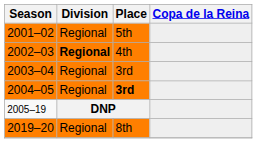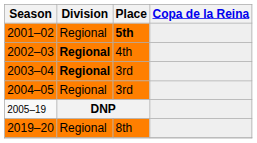 <table class="wikitable">
 <tr style="background:#f0f6fa;">
 <th>Season</th>
 <th>Division</th>
 <th>Place</th>
 <th><a href='#'>Copa de la Reina</a></th>
 </tr>
 <tr>
 <td style="background:#FF7F00;">2001–02</td>
 <td style="background:#FF7F00;">Regional</td>
-<td style="background:#FF7F00;">5th</td>
+<td style="background:#FF7F00;"><strong>5th</strong></td>
 <th style="background:#efefef;"></th>
 </tr>
 <tr>
 <td style="background:#FF7F00;">2002–03</td>
 <td style="background:#FF7F00;"><strong>Regional</strong></td>
 <td style="background:#FF7F00;">4th</td>
 <th style="background:#efefef;"></th>
 </tr>
 <tr>
 <td style="background:#FF7F00;">2003–04</td>
-<td style="background:#FF7F00;">Regional</td>
+<td style="background:#FF7F00;"><strong>Regional</strong></td>
 <td style="background:#FF7F00;">3rd</td>
 <th style="background:#efefef;"></th>
 </tr>
 <tr>
 <td style="background:#FF7F00;">2004–05</td>
 <td style="background:#FF7F00;">Regional</td>
-<td style="background:#FF7F00;"><strong>3rd</strong></td>
+<td style="background:#FF7F00;">3rd</td>
 <th style="background:#efefef;"></th>
 </tr>
 <tr>
 <td><small>2005–19</small></td>
 <th colspan="2">DNP</th>
 <th style="background:#efefef;"></th>
 </tr>
 <tr>
 <td style="background:#FF7F00;">2019–20</td>
 <td style="background:#FF7F00;">Regional</td>
 <td style="background:#FF7F00;">8th</td>
 <th style="background:#efefef;"></th>
 </tr>
 <tr>
 </tr>
 </table>
